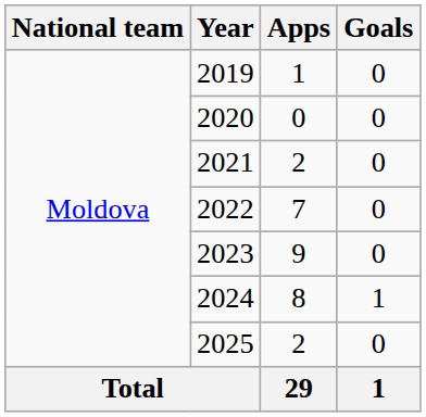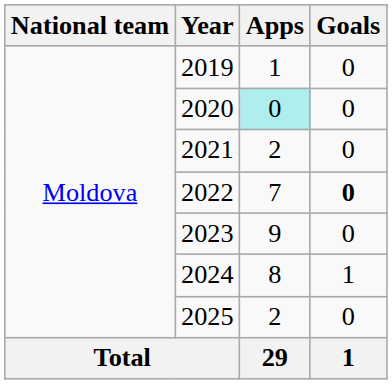 <table class="wikitable" style="text-align:center">
 <tr>
 <th>National team</th>
 <th>Year</th>
 <th>Apps</th>
 <th>Goals</th>
 </tr>
 <tr>
 <td rowspan="7"><a href='#'>Moldova</a></td>
 <td>2019</td>
 <td>1</td>
 <td>0</td>
 </tr>
 <tr>
 <td>2020</td>
-<td>0</td>
+<td style="background: paleturquoise;">0</td>
 <td>0</td>
 </tr>
 <tr>
 <td>2021</td>
 <td>2</td>
 <td>0</td>
 </tr>
 <tr>
 <td>2022</td>
 <td>7</td>
-<td>0</td>
+<td><strong>0</strong></td>
 </tr>
 <tr>
 <td>2023</td>
 <td>9</td>
 <td>0</td>
 </tr>
 <tr>
 <td>2024</td>
 <td>8</td>
 <td>1</td>
 </tr>
 <tr>
 <td>2025</td>
 <td>2</td>
 <td>0</td>
 </tr>
 <tr>
 <th colspan=2>Total</th>
 <th>29</th>
 <th>1</th>
 </tr>
 </table>
